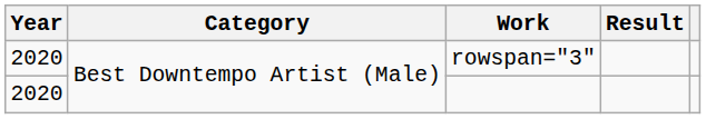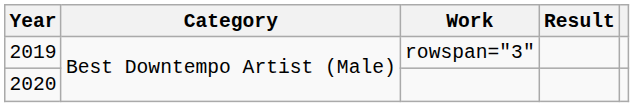 <table class="wikitable">
 <tr>
 <th>Year</th>
 <th>Category</th>
 <th>Work</th>
 <th>Result</th>
 <th></th>
 </tr>
 <tr>
-<td>2020</td>
+<td>2019</td>
 <td rowspan="3">Best Downtempo Artist (Male)</td>
 <td>rowspan="3" </td>
 <td></td>
 <td></td>
 </tr>
 <tr>
 <td>2020</td>
 <td></td>
 <td></td>
 </tr>
 </table>
